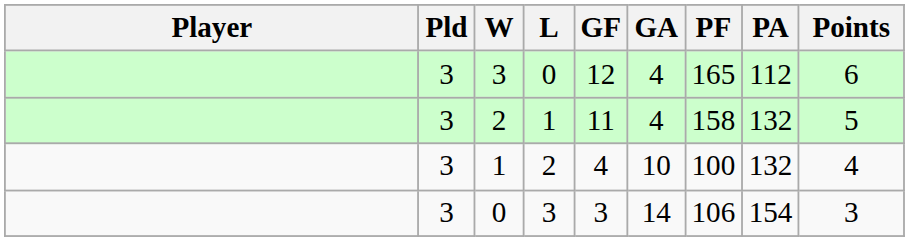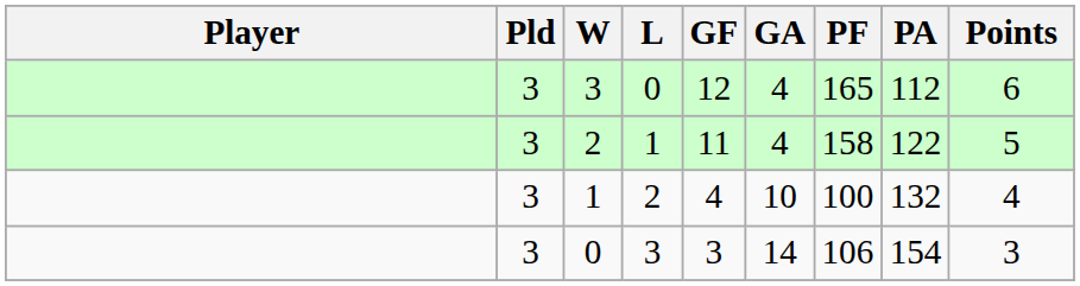 <table class=wikitable style="text-align:center">
 <tr>
 <th width=220>Player</th>
 <th width=20>Pld</th>
 <th width=20>W</th>
 <th width=20>L</th>
 <th width=20>GF</th>
 <th width=20>GA</th>
 <th width=20>PF</th>
 <th width=20>PA</th>
 <th width=50>Points</th>
 </tr>
 <tr bgcolor="#ccffcc">
 <td align=left></td>
 <td>3</td>
 <td>3</td>
 <td>0</td>
 <td>12</td>
 <td>4</td>
 <td>165</td>
 <td>112</td>
 <td>6</td>
 </tr>
 <tr bgcolor="#ccffcc">
 <td align=left></td>
 <td>3</td>
 <td>2</td>
 <td>1</td>
 <td>11</td>
 <td>4</td>
 <td>158</td>
-<td>132</td>
+<td>122</td>
 <td>5</td>
 </tr>
 <tr>
 <td align=left></td>
 <td>3</td>
 <td>1</td>
 <td>2</td>
 <td>4</td>
 <td>10</td>
 <td>100</td>
 <td>132</td>
 <td>4</td>
 </tr>
 <tr>
 <td align=left></td>
 <td>3</td>
 <td>0</td>
 <td>3</td>
 <td>3</td>
 <td>14</td>
 <td>106</td>
 <td>154</td>
 <td>3</td>
 </tr>
 </table>
